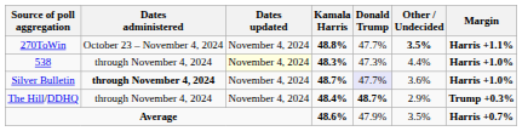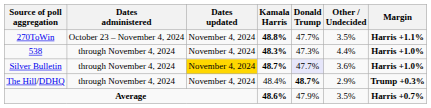 <table class="wikitable sortable" style="text-align:center;font-size:90%;line-height:17px">
 <tr>
 <th>Source of poll<br>aggregation</th>
 <th>Dates<br>administered</th>
 <th>Dates<br>updated</th>
 <th class="unsortable">Kamala<br>Harris<br><small></small></th>
 <th class="unsortable">Donald<br>Trump<br><small></small></th>
 <th>Other /<br>Undecided<br></th>
 <th>Margin</th>
 </tr>
 <tr>
 <td><a href='#'>270ToWin</a></td>
 <td>October 23 – November 4, 2024</td>
 <td>November 4, 2024</td>
 <td style="color:black;background-color:"><strong>48.8%</strong></td>
 <td>47.7%</td>
-<td><strong>3.5%</strong></td>
+<td>3.5%</td>
 <td style="color:black;background-color:"><strong>Harris +1.1%</strong></td>
 </tr>
 <tr>
 <td><a href='#'>538</a></td>
 <td>through November 4, 2024</td>
-<td style="background: lightyellow;">November 4, 2024</td>
+<td>November 4, 2024</td>
 <td style="color:black;background-color:"><strong>48.3%</strong></td>
 <td>47.3%</td>
 <td>4.4%</td>
 <td style="color:black;background-color:"><strong>Harris +1.0%</strong></td>
 </tr>
 <tr>
 <td><a href='#'>Silver Bulletin</a></td>
-<td><strong>through November 4, 2024</strong></td>
-<td>November 4, 2024</td>
+<td>through November 4, 2024</td>
+<td style="background: gold;">November 4, 2024</td>
 <td style="color:black;background-color:"><strong>48.7%</strong></td>
 <td style="background: lavender;">47.7%</td>
 <td>3.6%</td>
 <td style="color:black;background-color:"><strong>Harris +1.0%</strong></td>
 </tr>
 <tr>
 <td><a href='#'>The Hill</a>/<a href='#'>DDHQ</a></td>
 <td>through November 4, 2024</td>
 <td>November 4, 2024</td>
-<td><strong>48.4%</strong></td>
+<td>48.4%</td>
 <td style="background-color:"><strong>48.7%</strong></td>
 <td>2.9%</td>
 <td style="background-color:"><strong>Trump +0.3%</strong></td>
 </tr>
 <tr>
 <td colspan="3"><strong>Average</strong></td>
 <td style="color:black;background-color:"><strong>48.6%</strong></td>
 <td>47.9%</td>
 <td>3.5%</td>
 <td style="color:black;background-color:"><strong>Harris +0.7%</strong></td>
 </tr>
 </table>
